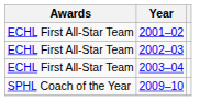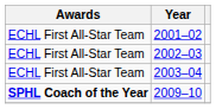 <table class="wikitable">
 <tr>
 <th>Awards</th>
 <th>Year</th>
 <th></th>
 </tr>
 <tr>
 <td><a href='#'>ECHL</a> First All-Star Team</td>
 <td><a href='#'>2001–02</a></td>
 <td></td>
 </tr>
 <tr>
 <td><a href='#'>ECHL</a> First All-Star Team</td>
 <td><a href='#'>2002–03</a></td>
 <td></td>
 </tr>
 <tr>
 <td><a href='#'>ECHL</a> First All-Star Team</td>
 <td><a href='#'>2003–04</a></td>
 <td></td>
 </tr>
 <tr>
-<td><a href='#'>SPHL</a> Coach of the Year</td>
+<td><strong><a href='#'>SPHL</a> Coach of the Year</strong></td>
 <td><a href='#'>2009–10</a></td>
 <td></td>
 </tr>
 <tr>
 </tr>
 </table>
